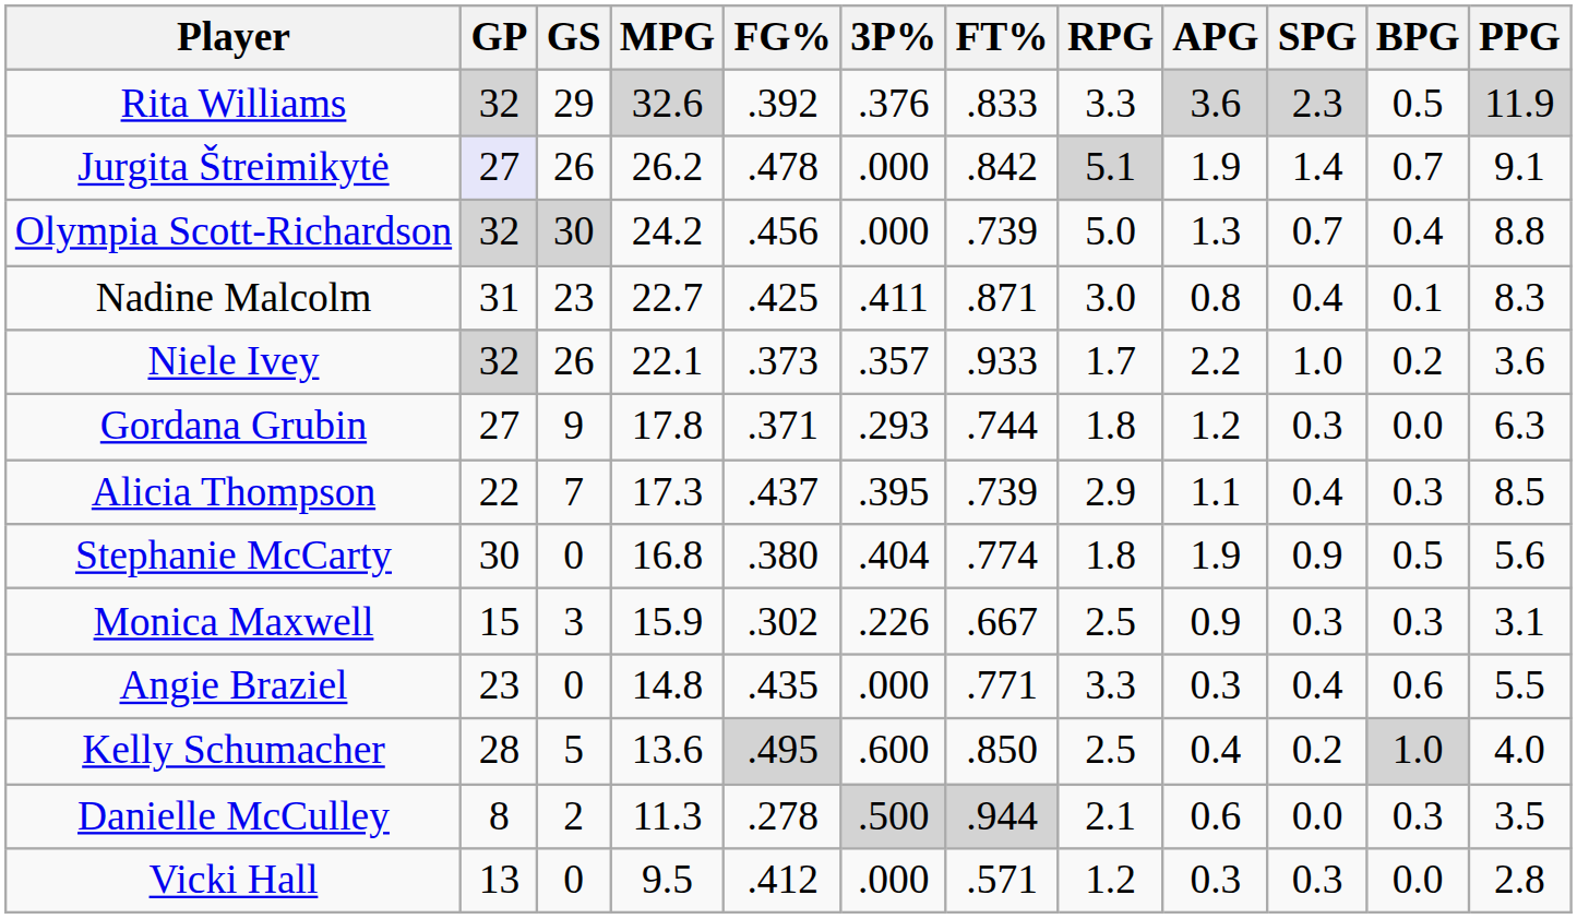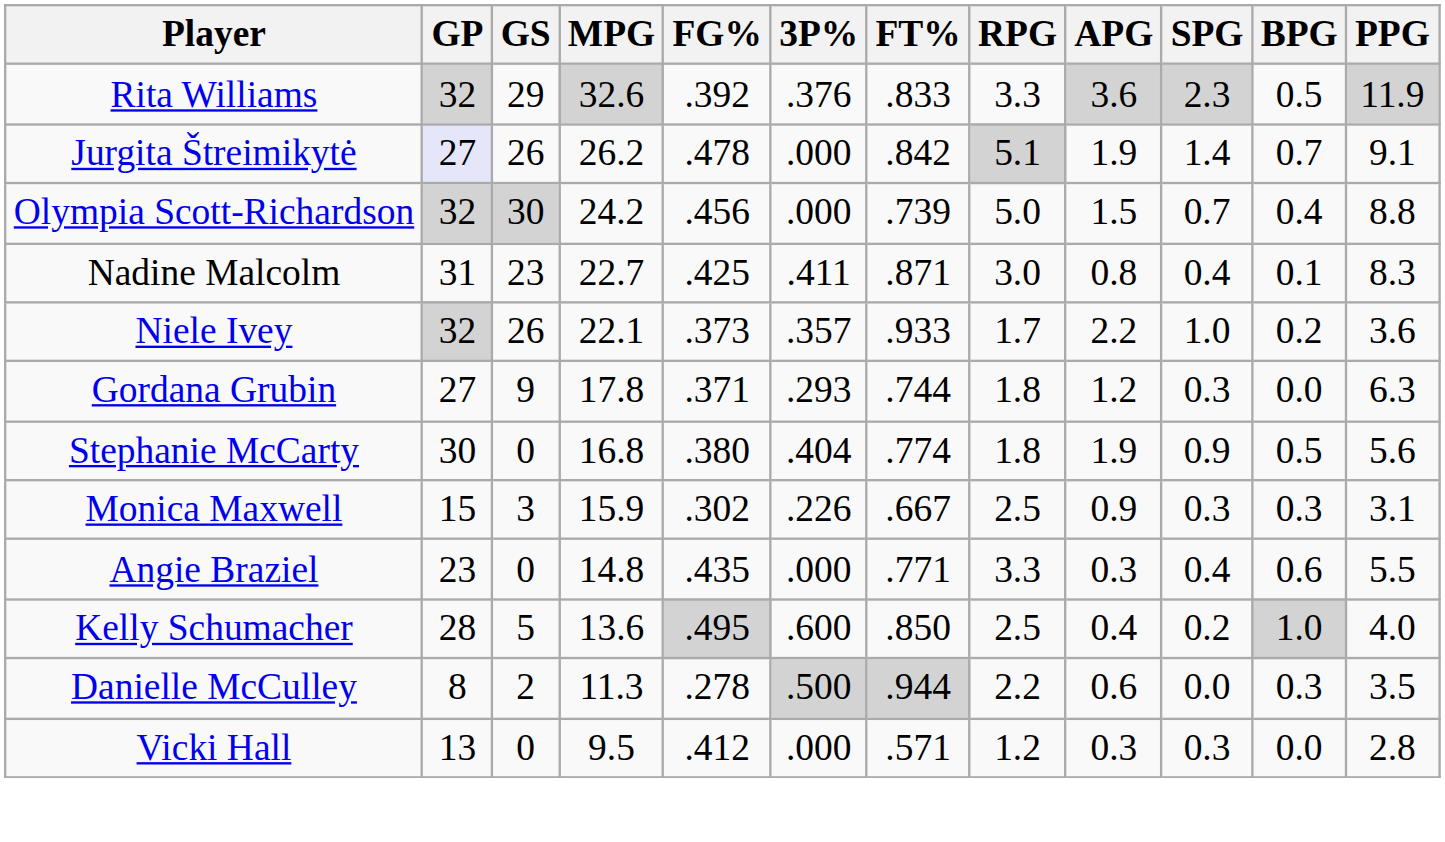 <table class="wikitable sortable" style="text-align:center;">
 <tr>
 <th>Player</th>
 <th>GP</th>
 <th>GS</th>
 <th>MPG</th>
 <th>FG%</th>
 <th>3P%</th>
 <th>FT%</th>
 <th>RPG</th>
 <th>APG</th>
 <th>SPG</th>
 <th>BPG</th>
 <th>PPG</th>
 </tr>
 <tr>
 <td><a href='#'>Rita Williams</a></td>
 <td style="background:#D3D3D3;">32</td>
 <td>29</td>
 <td style="background:#D3D3D3;">32.6</td>
 <td>.392</td>
 <td>.376</td>
 <td>.833</td>
 <td>3.3</td>
 <td style="background:#D3D3D3;">3.6</td>
 <td style="background:#D3D3D3;">2.3</td>
 <td>0.5</td>
 <td style="background:#D3D3D3;">11.9</td>
 </tr>
 <tr>
 <td><a href='#'>Jurgita Štreimikytė</a></td>
 <td style="background: lavender;">27</td>
 <td>26</td>
 <td>26.2</td>
 <td>.478</td>
 <td>.000</td>
 <td>.842</td>
 <td style="background:#D3D3D3;">5.1</td>
 <td>1.9</td>
 <td>1.4</td>
 <td>0.7</td>
 <td>9.1</td>
 </tr>
 <tr>
 <td><a href='#'>Olympia Scott-Richardson</a></td>
 <td style="background:#D3D3D3;">32</td>
 <td style="background:#D3D3D3;">30</td>
 <td>24.2</td>
 <td>.456</td>
 <td>.000</td>
 <td>.739</td>
 <td>5.0</td>
-<td>1.3</td>
+<td>1.5</td>
 <td>0.7</td>
 <td>0.4</td>
 <td>8.8</td>
 </tr>
 <tr>
 <td>Nadine Malcolm</td>
 <td>31</td>
 <td>23</td>
 <td>22.7</td>
 <td>.425</td>
 <td>.411</td>
 <td>.871</td>
 <td>3.0</td>
 <td>0.8</td>
 <td>0.4</td>
 <td>0.1</td>
 <td>8.3</td>
 </tr>
 <tr>
 <td><a href='#'>Niele Ivey</a></td>
 <td style="background:#D3D3D3;">32</td>
 <td>26</td>
 <td>22.1</td>
 <td>.373</td>
 <td>.357</td>
 <td>.933</td>
 <td>1.7</td>
 <td>2.2</td>
 <td>1.0</td>
 <td>0.2</td>
 <td>3.6</td>
 </tr>
 <tr>
 <td><a href='#'>Gordana Grubin</a></td>
 <td>27</td>
 <td>9</td>
 <td>17.8</td>
 <td>.371</td>
 <td>.293</td>
 <td>.744</td>
 <td>1.8</td>
 <td>1.2</td>
 <td>0.3</td>
 <td>0.0</td>
 <td>6.3</td>
-</tr>
-<tr>
-<td><a href='#'>Alicia Thompson</a></td>
-<td>22</td>
-<td>7</td>
-<td>17.3</td>
-<td>.437</td>
-<td>.395</td>
-<td>.739</td>
-<td>2.9</td>
-<td>1.1</td>
-<td>0.4</td>
-<td>0.3</td>
-<td>8.5</td>
 </tr>
 <tr>
 <td><a href='#'>Stephanie McCarty</a></td>
 <td>30</td>
 <td>0</td>
 <td>16.8</td>
 <td>.380</td>
 <td>.404</td>
 <td>.774</td>
 <td>1.8</td>
 <td>1.9</td>
 <td>0.9</td>
 <td>0.5</td>
 <td>5.6</td>
 </tr>
 <tr>
 <td><a href='#'>Monica Maxwell</a></td>
 <td>15</td>
 <td>3</td>
 <td>15.9</td>
 <td>.302</td>
 <td>.226</td>
 <td>.667</td>
 <td>2.5</td>
 <td>0.9</td>
 <td>0.3</td>
 <td>0.3</td>
 <td>3.1</td>
 </tr>
 <tr>
 <td><a href='#'>Angie Braziel</a></td>
 <td>23</td>
 <td>0</td>
 <td>14.8</td>
 <td>.435</td>
 <td>.000</td>
 <td>.771</td>
 <td>3.3</td>
 <td>0.3</td>
 <td>0.4</td>
 <td>0.6</td>
 <td>5.5</td>
 </tr>
 <tr>
 <td><a href='#'>Kelly Schumacher</a></td>
 <td>28</td>
 <td>5</td>
 <td>13.6</td>
 <td style="background:#D3D3D3;">.495</td>
 <td>.600</td>
 <td>.850</td>
 <td>2.5</td>
 <td>0.4</td>
 <td>0.2</td>
 <td style="background:#D3D3D3;">1.0</td>
 <td>4.0</td>
 </tr>
 <tr>
 <td><a href='#'>Danielle McCulley</a></td>
 <td>8</td>
 <td>2</td>
 <td>11.3</td>
 <td>.278</td>
 <td style="background:#D3D3D3;">.500</td>
 <td style="background:#D3D3D3;">.944</td>
-<td>2.1</td>
+<td>2.2</td>
 <td>0.6</td>
 <td>0.0</td>
 <td>0.3</td>
 <td>3.5</td>
 </tr>
 <tr>
 <td><a href='#'>Vicki Hall</a></td>
 <td>13</td>
 <td>0</td>
 <td>9.5</td>
 <td>.412</td>
 <td>.000</td>
 <td>.571</td>
 <td>1.2</td>
 <td>0.3</td>
 <td>0.3</td>
 <td>0.0</td>
 <td>2.8</td>
 </tr>
 </table>
